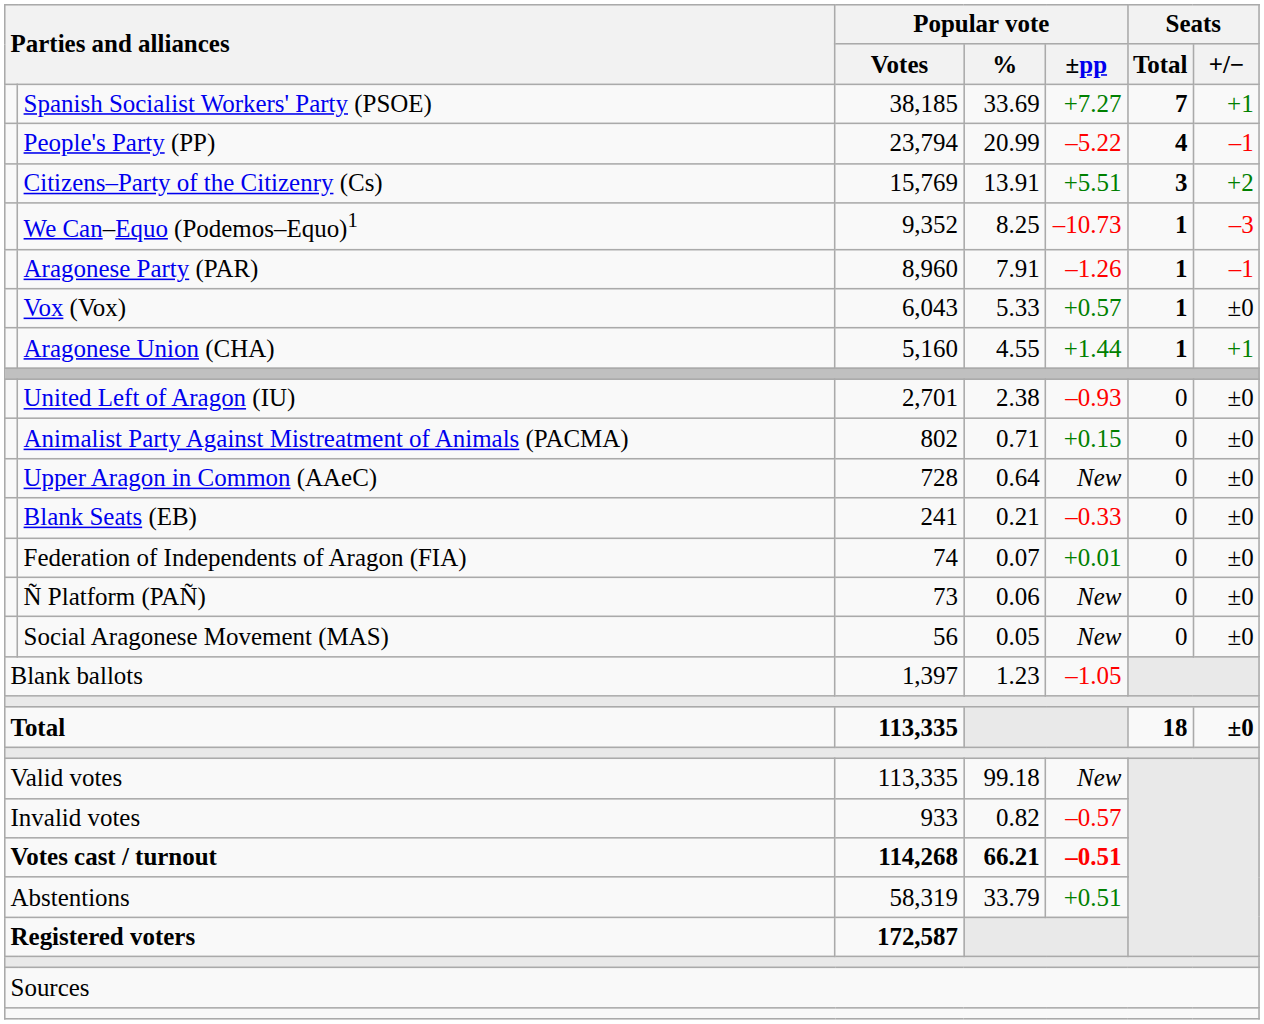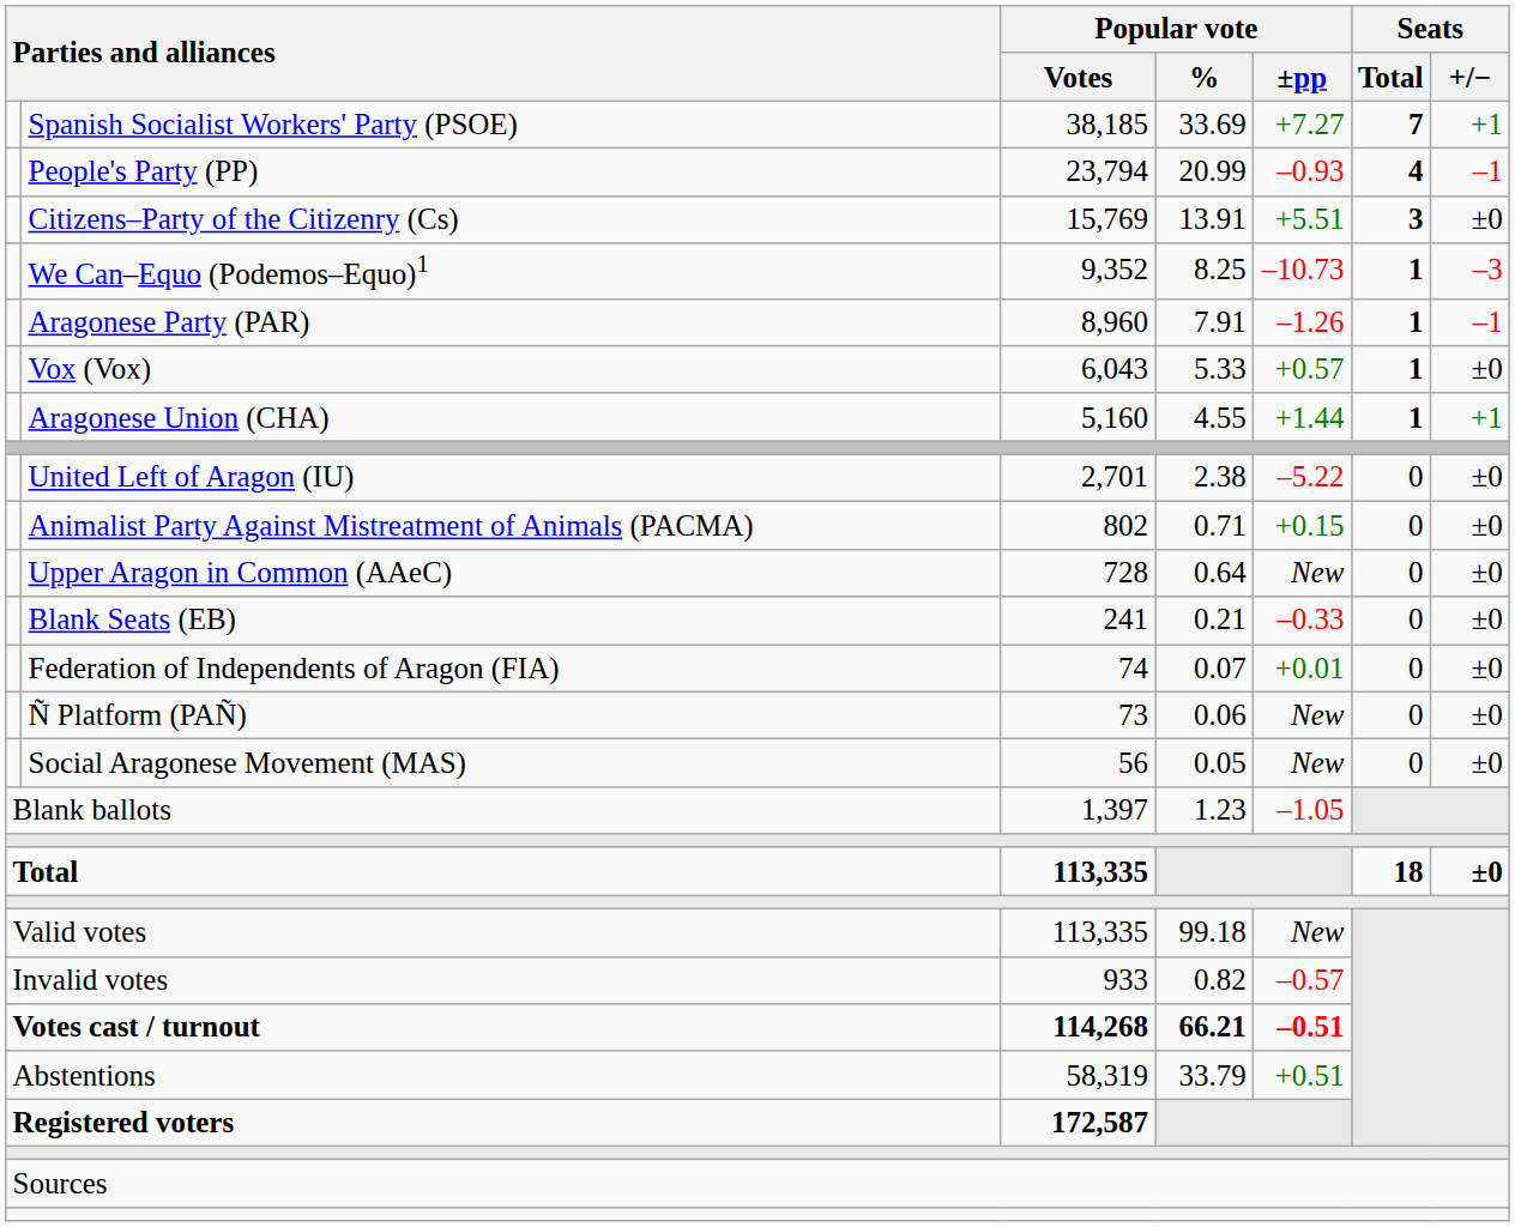 <table class="wikitable" style="text-align:right;">
 <tr>
 <th style="text-align:left;" rowspan="2" colspan="2" width="525">Parties and alliances</th>
 <th colspan="3">Popular vote</th>
 <th colspan="2">Seats</th>
 </tr>
 <tr>
 <th width="75">Votes</th>
 <th width="45">%</th>
 <th width="45">±<a href='#'>pp</a></th>
 <th width="35">Total</th>
 <th width="35">+/−</th>
 </tr>
 <tr>
 <td width="1" style="color:inherit;background:"></td>
 <td align="left"><a href='#'>Spanish Socialist Workers' Party</a> (PSOE)</td>
 <td>38,185</td>
 <td>33.69</td>
 <td style="color:green;">+7.27</td>
 <td><strong>7</strong></td>
 <td style="color:green;">+1</td>
 </tr>
 <tr>
 <td style="color:inherit;background:"></td>
 <td align="left"><a href='#'>People's Party</a> (PP)</td>
 <td>23,794</td>
 <td>20.99</td>
-<td style="color:red;">–5.22</td>
+<td style="color:red;">–0.93</td>
 <td><strong>4</strong></td>
 <td style="color:red;">–1</td>
 </tr>
 <tr>
 <td style="color:inherit;background:"></td>
 <td align="left"><a href='#'>Citizens–Party of the Citizenry</a> (Cs)</td>
 <td>15,769</td>
 <td>13.91</td>
 <td style="color:green;">+5.51</td>
 <td><strong>3</strong></td>
-<td style="color:green;">+2</td>
+<td>±0</td>
 </tr>
 <tr>
 <td style="color:inherit;background:"></td>
 <td align="left"><a href='#'>We Can</a>–<a href='#'>Equo</a> (Podemos–Equo)<sup>1</sup></td>
 <td>9,352</td>
 <td>8.25</td>
 <td style="color:red;">–10.73</td>
 <td><strong>1</strong></td>
 <td style="color:red;">–3</td>
 </tr>
 <tr>
 <td style="color:inherit;background:"></td>
 <td align="left"><a href='#'>Aragonese Party</a> (PAR)</td>
 <td>8,960</td>
 <td>7.91</td>
 <td style="color:red;">–1.26</td>
 <td><strong>1</strong></td>
 <td style="color:red;">–1</td>
 </tr>
 <tr>
 <td style="color:inherit;background:"></td>
 <td align="left"><a href='#'>Vox</a> (Vox)</td>
 <td>6,043</td>
 <td>5.33</td>
 <td style="color:green;">+0.57</td>
 <td><strong>1</strong></td>
 <td>±0</td>
 </tr>
 <tr>
 <td style="color:inherit;background:"></td>
 <td align="left"><a href='#'>Aragonese Union</a> (CHA)</td>
 <td>5,160</td>
 <td>4.55</td>
 <td style="color:green;">+1.44</td>
 <td><strong>1</strong></td>
 <td style="color:green;">+1</td>
 </tr>
 <tr>
 <td colspan="7" bgcolor="#C0C0C0"></td>
 </tr>
 <tr>
 <td style="color:inherit;background:"></td>
 <td align="left"><a href='#'>United Left of Aragon</a> (IU)</td>
 <td>2,701</td>
 <td>2.38</td>
-<td style="color:red;">–0.93</td>
+<td style="color:red;">–5.22</td>
 <td>0</td>
 <td>±0</td>
 </tr>
 <tr>
 <td style="color:inherit;background:"></td>
 <td align="left"><a href='#'>Animalist Party Against Mistreatment of Animals</a> (PACMA)</td>
 <td>802</td>
 <td>0.71</td>
 <td style="color:green;">+0.15</td>
 <td>0</td>
 <td>±0</td>
 </tr>
 <tr>
 <td style="color:inherit;background:"></td>
 <td align="left"><a href='#'>Upper Aragon in Common</a> (AAeC)</td>
 <td>728</td>
 <td>0.64</td>
 <td><em>New</em></td>
 <td>0</td>
 <td>±0</td>
 </tr>
 <tr>
 <td style="color:inherit;background:"></td>
 <td align="left"><a href='#'>Blank Seats</a> (EB)</td>
 <td>241</td>
 <td>0.21</td>
 <td style="color:red;">–0.33</td>
 <td>0</td>
 <td>±0</td>
 </tr>
 <tr>
 <td style="color:inherit;background:"></td>
 <td align="left">Federation of Independents of Aragon (FIA)</td>
 <td>74</td>
 <td>0.07</td>
 <td style="color:green;">+0.01</td>
 <td>0</td>
 <td>±0</td>
 </tr>
 <tr>
 <td style="color:inherit;background:"></td>
 <td align="left">Ñ Platform (PAÑ)</td>
 <td>73</td>
 <td>0.06</td>
 <td><em>New</em></td>
 <td>0</td>
 <td>±0</td>
 </tr>
 <tr>
 <td style="color:inherit;background:"></td>
 <td align="left">Social Aragonese Movement (MAS)</td>
 <td>56</td>
 <td>0.05</td>
 <td><em>New</em></td>
 <td>0</td>
 <td>±0</td>
 </tr>
 <tr>
 <td align="left" colspan="2">Blank ballots</td>
 <td>1,397</td>
 <td>1.23</td>
 <td style="color:red;">–1.05</td>
 <td bgcolor="#E9E9E9" colspan="2"></td>
 </tr>
 <tr>
 <td colspan="7" bgcolor="#E9E9E9"></td>
 </tr>
 <tr style="font-weight:bold;">
 <td align="left" colspan="2">Total</td>
 <td>113,335</td>
 <td bgcolor="#E9E9E9" colspan="2"></td>
 <td>18</td>
 <td>±0</td>
 </tr>
 <tr>
 <td colspan="7" bgcolor="#E9E9E9"></td>
 </tr>
 <tr>
 <td align="left" colspan="2">Valid votes</td>
 <td>113,335</td>
 <td>99.18</td>
 <td><em>New</em></td>
 <td bgcolor="#E9E9E9" colspan="2" rowspan="5"></td>
 </tr>
 <tr>
 <td align="left" colspan="2">Invalid votes</td>
 <td>933</td>
 <td>0.82</td>
 <td style="color:red;">–0.57</td>
 </tr>
 <tr style="font-weight:bold;">
 <td align="left" colspan="2">Votes cast / turnout</td>
 <td>114,268</td>
 <td>66.21</td>
 <td style="color:red;">–0.51</td>
 </tr>
 <tr>
 <td align="left" colspan="2">Abstentions</td>
 <td>58,319</td>
 <td>33.79</td>
 <td style="color:green;">+0.51</td>
 </tr>
 <tr style="font-weight:bold;">
 <td align="left" colspan="2">Registered voters</td>
 <td>172,587</td>
 <td bgcolor="#E9E9E9" colspan="2"></td>
 </tr>
 <tr>
 <td colspan="7" bgcolor="#E9E9E9"></td>
 </tr>
 <tr>
 <td align="left" colspan="7">Sources</td>
 </tr>
 <tr>
 <td colspan="7" style="text-align:left; max-width:790px;"></td>
 </tr>
 </table>
